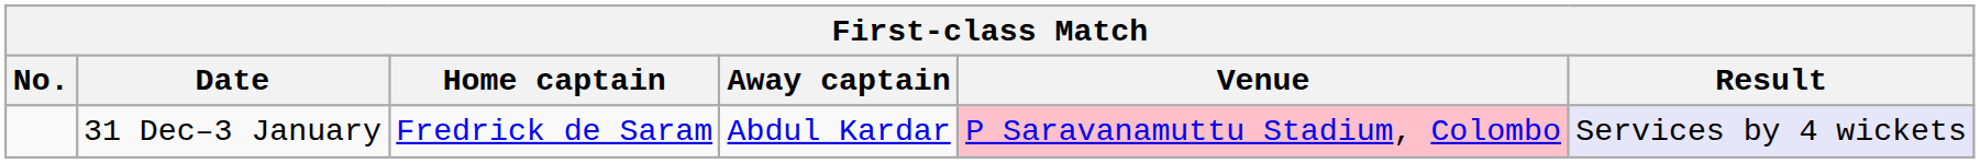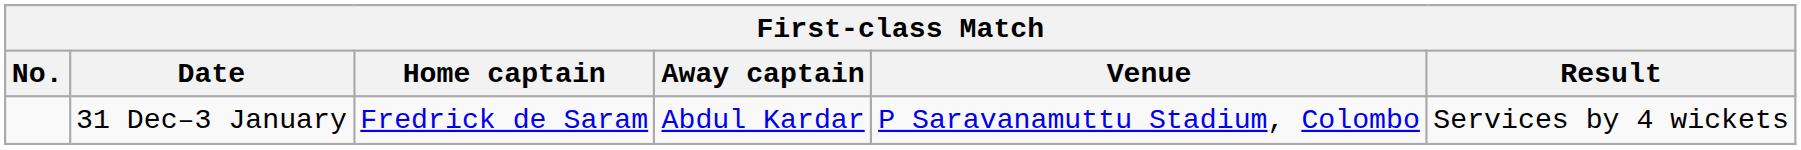 <table class="wikitable">
 <tr>
 <th colspan="9">First-class Match</th>
 </tr>
 <tr>
 <th>No.</th>
 <th>Date</th>
 <th>Home captain</th>
 <th>Away captain</th>
 <th>Venue</th>
 <th>Result</th>
 </tr>
 <tr>
 <td></td>
 <td>31 Dec–3 January</td>
 <td><a href='#'>Fredrick de Saram</a></td>
 <td><a href='#'>Abdul Kardar</a></td>
-<td style="background: pink;"><a href='#'>P Saravanamuttu Stadium</a>, <a href='#'>Colombo</a></td>
-<td style="background: lavender;"> Services by 4 wickets</td>
+<td><a href='#'>P Saravanamuttu Stadium</a>, <a href='#'>Colombo</a></td>
+<td> Services by 4 wickets</td>
 </tr>
 </table>
